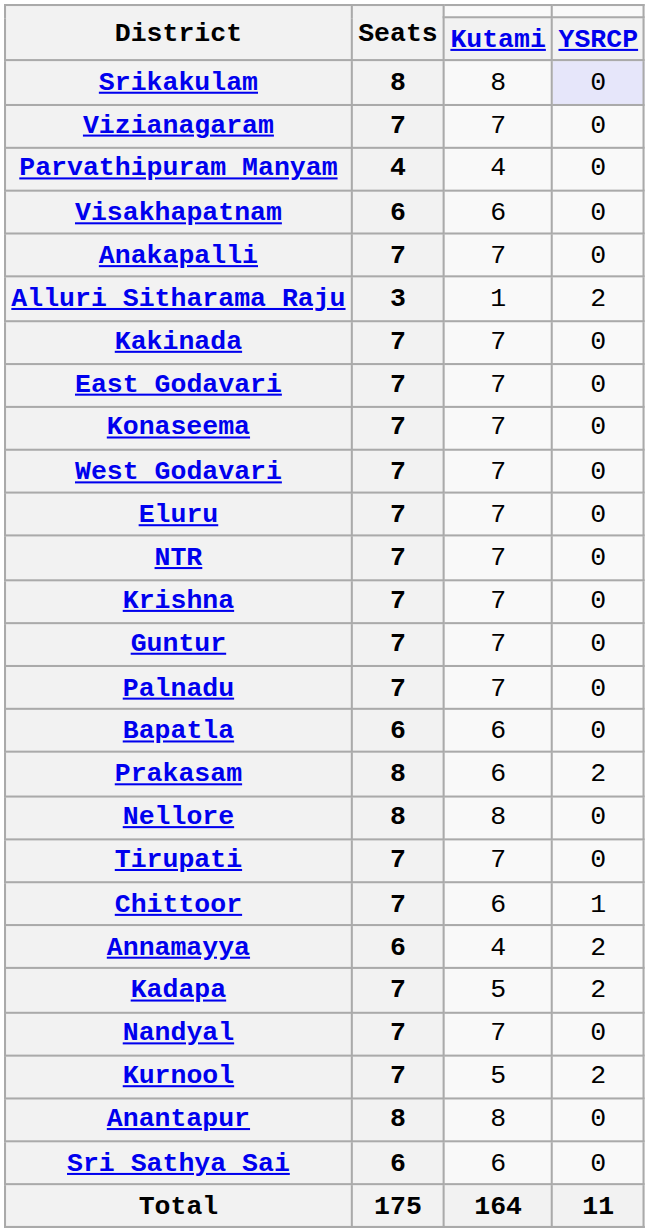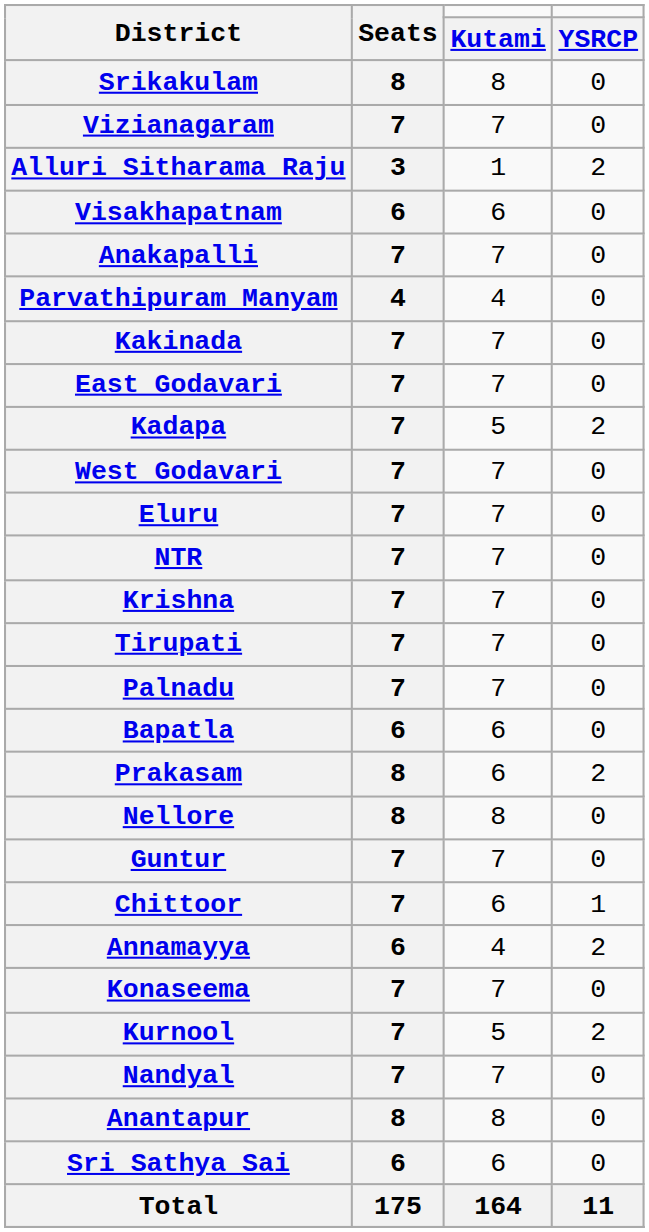 <table class="wikitable" style="text-align:center;">
 <tr>
 <th rowspan="2">District</th>
 <th rowspan="2">Seats</th>
 <td style="background:"></td>
 <td style="background:"></td>
 </tr>
 <tr>
 <th><a href='#'>Kutami</a></th>
 <th><a href='#'>YSRCP</a></th>
 </tr>
 <tr>
 <th><a href='#'>Srikakulam</a></th>
 <th>8</th>
 <td style="background:">8</td>
-<td style="background: lavender;">0</td>
+<td>0</td>
 </tr>
 <tr>
 <th><a href='#'>Vizianagaram</a></th>
 <th>7</th>
 <td style="background:">7</td>
 <td>0</td>
 </tr>
 <tr>
-<th><a href='#'>Parvathipuram Manyam</a></th>
-<th>4</th>
-<td style="background:">4</td>
-<td>0</td>
+<th><a href='#'>Alluri Sitharama Raju</a></th>
+<th>3</th>
+<td>1</td>
+<td style="background:">2</td>
 </tr>
 <tr>
 <th><a href='#'>Visakhapatnam</a></th>
 <th>6</th>
 <td style="background:">6</td>
 <td>0</td>
 </tr>
 <tr>
 <th><a href='#'>Anakapalli</a></th>
 <th>7</th>
 <td style="background:">7</td>
 <td>0</td>
 </tr>
 <tr>
-<th><a href='#'>Alluri Sitharama Raju</a></th>
-<th>3</th>
-<td>1</td>
-<td style="background:">2</td>
+<th><a href='#'>Parvathipuram Manyam</a></th>
+<th>4</th>
+<td style="background:">4</td>
+<td>0</td>
 </tr>
 <tr>
 <th><a href='#'>Kakinada</a></th>
 <th>7</th>
 <td style="background:">7</td>
 <td>0</td>
 </tr>
 <tr>
 <th><a href='#'>East Godavari</a></th>
 <th>7</th>
 <td style="background:">7</td>
 <td>0</td>
 </tr>
 <tr>
-<th><a href='#'>Konaseema</a></th>
+<th><a href='#'>Kadapa</a></th>
 <th>7</th>
-<td style="background:">7</td>
-<td>0</td>
+<td style="background:">5</td>
+<td>2</td>
 </tr>
 <tr>
 <th><a href='#'>West Godavari</a></th>
 <th>7</th>
 <td style="background:">7</td>
 <td>0</td>
 </tr>
 <tr>
 <th><a href='#'>Eluru</a></th>
 <th>7</th>
 <td style="background:">7</td>
 <td>0</td>
 </tr>
 <tr>
 <th><a href='#'>NTR</a></th>
 <th>7</th>
 <td style="background:">7</td>
 <td>0</td>
 </tr>
 <tr>
 <th><a href='#'>Krishna</a></th>
 <th>7</th>
 <td style="background:">7</td>
 <td>0</td>
 </tr>
 <tr>
-<th><a href='#'>Guntur</a></th>
+<th><a href='#'>Tirupati</a></th>
 <th>7</th>
 <td style="background:">7</td>
 <td>0</td>
 </tr>
 <tr>
 <th><a href='#'>Palnadu</a></th>
 <th>7</th>
 <td style="background:">7</td>
 <td>0</td>
 </tr>
 <tr>
 <th><a href='#'>Bapatla</a></th>
 <th>6</th>
 <td style="background:">6</td>
 <td>0</td>
 </tr>
 <tr>
 <th><a href='#'>Prakasam</a></th>
 <th>8</th>
 <td style="background:">6</td>
 <td>2</td>
 </tr>
 <tr>
 <th><a href='#'>Nellore</a></th>
 <th>8</th>
 <td style="background:">8</td>
 <td>0</td>
 </tr>
 <tr>
-<th><a href='#'>Tirupati</a></th>
+<th><a href='#'>Guntur</a></th>
 <th>7</th>
 <td style="background:">7</td>
 <td>0</td>
 </tr>
 <tr>
 <th><a href='#'>Chittoor</a></th>
 <th>7</th>
 <td style="background:">6</td>
 <td>1</td>
 </tr>
 <tr>
 <th><a href='#'>Annamayya</a></th>
 <th>6</th>
 <td style="background:">4</td>
 <td>2</td>
 </tr>
 <tr>
-<th><a href='#'>Kadapa</a></th>
+<th><a href='#'>Konaseema</a></th>
+<th>7</th>
+<td style="background:">7</td>
+<td>0</td>
+</tr>
+<tr>
+<th><a href='#'>Kurnool</a></th>
 <th>7</th>
 <td style="background:">5</td>
 <td>2</td>
 </tr>
 <tr>
 <th><a href='#'>Nandyal</a></th>
 <th>7</th>
 <td style="background:">7</td>
 <td>0</td>
-</tr>
-<tr>
-<th><a href='#'>Kurnool</a></th>
-<th>7</th>
-<td style="background:">5</td>
-<td>2</td>
 </tr>
 <tr>
 <th><a href='#'>Anantapur</a></th>
 <th>8</th>
 <td style="background:">8</td>
 <td>0</td>
 </tr>
 <tr>
 <th><a href='#'>Sri Sathya Sai</a></th>
 <th>6</th>
 <td style="background:">6</td>
 <td>0</td>
 </tr>
 <tr>
 <th>Total</th>
 <th>175</th>
 <th>164</th>
 <th>11</th>
 </tr>
 <tr>
 </tr>
 </table>
